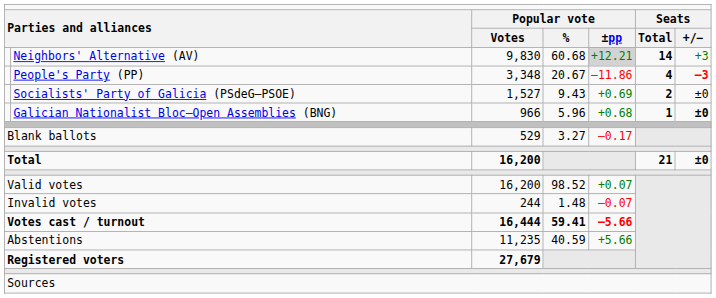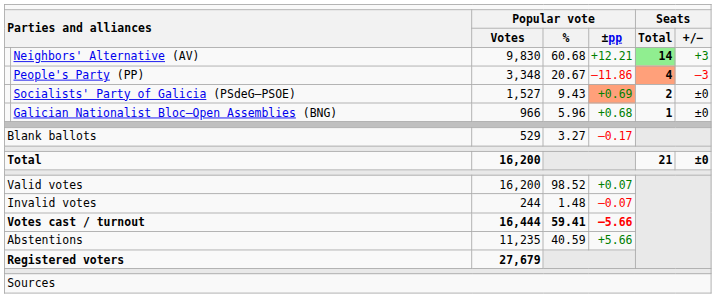 <table class="wikitable" style="text-align:right;">
 <tr>
 <td colspan="7"></td>
 </tr>
 <tr>
 <th style="text-align:left;" rowspan="2" colspan="2" width="525">Parties and alliances</th>
 <th colspan="3">Popular vote</th>
 <th colspan="2">Seats</th>
 </tr>
 <tr>
 <th width="75">Votes</th>
 <th width="45">%</th>
 <th width="45">±<a href='#'>pp</a></th>
 <th width="35">Total</th>
 <th width="35">+/−</th>
 </tr>
 <tr>
 <td width="1" style="color:inherit;background:"></td>
 <td align="left"><a href='#'>Neighbors' Alternative</a> (AV)</td>
 <td>9,830</td>
 <td>60.68</td>
-<td style="background: lightgrey; color:green;">+12.21</td>
-<td><strong>14</strong></td>
+<td style="color:green;">+12.21</td>
+<td style="background: lightgreen;"><strong>14</strong></td>
 <td style="color:green;">+3</td>
 </tr>
 <tr>
 <td style="color:inherit;background:"></td>
 <td align="left"><a href='#'>People's Party</a> (PP)</td>
 <td>3,348</td>
 <td>20.67</td>
 <td style="color:red;">–11.86</td>
-<td><strong>4</strong></td>
-<td style="color:red;"><strong>–3</strong></td>
+<td style="background: lightsalmon;"><strong>4</strong></td>
+<td style="color:red;">–3</td>
 </tr>
 <tr>
 <td style="color:inherit;background:"></td>
 <td align="left"><a href='#'>Socialists' Party of Galicia</a> (PSdeG–PSOE)</td>
 <td>1,527</td>
 <td>9.43</td>
-<td style="color:green;">+0.69</td>
+<td style="background: lightsalmon; color:green;">+0.69</td>
 <td><strong>2</strong></td>
 <td>±0</td>
 </tr>
 <tr>
 <td style="color:inherit;background:"></td>
 <td align="left"><a href='#'>Galician Nationalist Bloc–Open Assemblies</a> (BNG)</td>
 <td>966</td>
 <td>5.96</td>
 <td style="color:green;">+0.68</td>
 <td><strong>1</strong></td>
-<td><strong>±0</strong></td>
+<td>±0</td>
 </tr>
 <tr>
 <td colspan="7" bgcolor="#C0C0C0"></td>
 </tr>
 <tr>
 <td align="left" colspan="2">Blank ballots</td>
 <td>529</td>
 <td>3.27</td>
 <td style="color:red;">–0.17</td>
 <td bgcolor="#E9E9E9" colspan="2"></td>
 </tr>
 <tr>
 <td colspan="7" bgcolor="#E9E9E9"></td>
 </tr>
 <tr style="font-weight:bold;">
 <td align="left" colspan="2">Total</td>
 <td>16,200</td>
 <td bgcolor="#E9E9E9" colspan="2"></td>
 <td>21</td>
 <td>±0</td>
 </tr>
 <tr>
 <td colspan="7" bgcolor="#E9E9E9"></td>
 </tr>
 <tr>
 <td align="left" colspan="2">Valid votes</td>
 <td>16,200</td>
 <td>98.52</td>
 <td style="color:green;">+0.07</td>
 <td bgcolor="#E9E9E9" colspan="2" rowspan="5"></td>
 </tr>
 <tr>
 <td align="left" colspan="2">Invalid votes</td>
 <td>244</td>
 <td>1.48</td>
 <td style="color:red;">–0.07</td>
 </tr>
 <tr style="font-weight:bold;">
 <td align="left" colspan="2">Votes cast / turnout</td>
 <td>16,444</td>
 <td>59.41</td>
 <td style="color:red;">–5.66</td>
 </tr>
 <tr>
 <td align="left" colspan="2">Abstentions</td>
 <td>11,235</td>
 <td>40.59</td>
 <td style="color:green;">+5.66</td>
 </tr>
 <tr style="font-weight:bold;">
 <td align="left" colspan="2">Registered voters</td>
 <td>27,679</td>
 <td bgcolor="#E9E9E9" colspan="2"></td>
 </tr>
 <tr>
 <td colspan="7" bgcolor="#E9E9E9"></td>
 </tr>
 <tr>
 <td align="left" colspan="7">Sources</td>
 </tr>
 </table>
